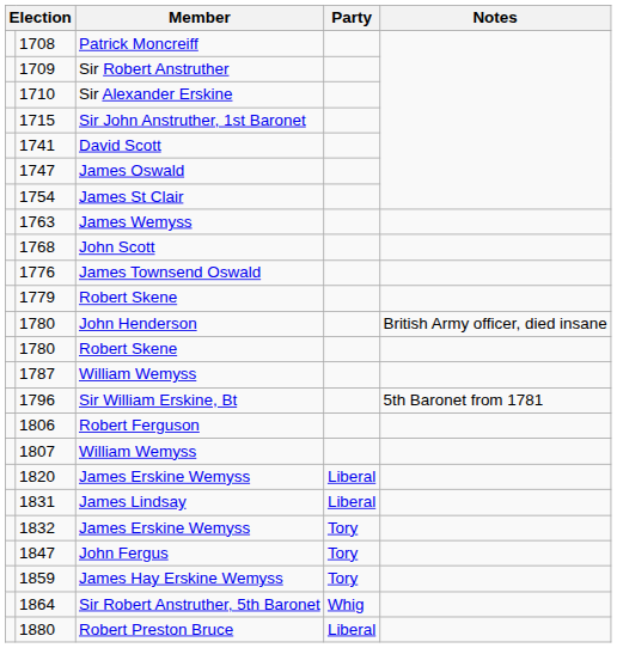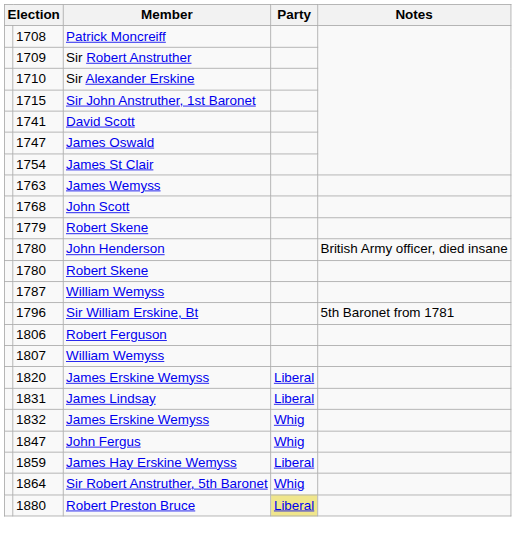 <table class="wikitable">
 <tr>
 <th colspan="2">Election</th>
 <th>Member</th>
 <th>Party</th>
 <th>Notes</th>
 </tr>
 <tr>
 <td></td>
 <td>1708</td>
 <td><a href='#'>Patrick Moncreiff</a></td>
 <td></td>
 </tr>
 <tr>
 <td></td>
 <td>1709</td>
 <td>Sir <a href='#'>Robert Anstruther</a></td>
 <td></td>
 </tr>
 <tr>
 <td></td>
 <td>1710</td>
 <td>Sir <a href='#'>Alexander Erskine</a></td>
 <td></td>
 </tr>
 <tr>
 <td></td>
 <td>1715</td>
 <td><a href='#'>Sir John Anstruther, 1st Baronet</a></td>
 <td></td>
 </tr>
 <tr>
 <td></td>
 <td>1741</td>
 <td><a href='#'>David Scott</a></td>
 <td></td>
 </tr>
 <tr>
 <td></td>
 <td>1747</td>
 <td><a href='#'>James Oswald</a></td>
 <td></td>
 </tr>
 <tr>
 <td></td>
 <td>1754</td>
 <td><a href='#'>James St Clair</a></td>
 <td></td>
 </tr>
 <tr>
 <td></td>
 <td>1763</td>
 <td><a href='#'>James Wemyss</a></td>
 <td></td>
 <td></td>
 </tr>
 <tr>
 <td></td>
 <td>1768</td>
 <td><a href='#'>John Scott</a></td>
-<td></td>
-<td></td>
-</tr>
-<tr>
-<td></td>
-<td>1776</td>
-<td><a href='#'>James Townsend Oswald</a></td>
 <td></td>
 <td></td>
 </tr>
 <tr>
 <td></td>
 <td>1779</td>
 <td><a href='#'>Robert Skene</a></td>
 <td></td>
 <td></td>
 </tr>
 <tr>
 <td></td>
 <td>1780</td>
 <td><a href='#'>John Henderson</a></td>
 <td></td>
 <td>British Army officer, died insane</td>
 </tr>
 <tr>
 <td></td>
 <td>1780</td>
 <td><a href='#'>Robert Skene</a></td>
 <td></td>
 <td></td>
 </tr>
 <tr>
 <td></td>
 <td>1787</td>
 <td><a href='#'>William Wemyss</a></td>
 <td></td>
 <td></td>
 </tr>
 <tr>
 <td></td>
 <td>1796</td>
 <td><a href='#'>Sir William Erskine, Bt</a></td>
 <td></td>
 <td>5th Baronet from 1781</td>
 </tr>
 <tr>
 <td></td>
 <td>1806</td>
 <td><a href='#'>Robert Ferguson</a></td>
 <td></td>
 <td></td>
 </tr>
 <tr>
 <td></td>
 <td>1807</td>
 <td><a href='#'>William Wemyss</a></td>
 <td></td>
 <td></td>
 </tr>
 <tr>
 <td style="color:inherit;background-color: "></td>
 <td>1820</td>
 <td><a href='#'>James Erskine Wemyss</a></td>
 <td><a href='#'>Liberal</a></td>
 <td></td>
 </tr>
 <tr>
 <td style="color:inherit;background-color: "></td>
 <td>1831</td>
 <td><a href='#'>James Lindsay</a></td>
 <td><a href='#'>Liberal</a></td>
 <td></td>
 </tr>
 <tr>
 <td style="color:inherit;background-color: "></td>
 <td>1832</td>
 <td><a href='#'>James Erskine Wemyss</a></td>
-<td><a href='#'>Tory</a></td>
+<td><a href='#'>Whig</a></td>
 <td></td>
 </tr>
 <tr>
 <td style="color:inherit;background-color: "></td>
 <td>1847</td>
 <td><a href='#'>John Fergus</a></td>
-<td><a href='#'>Tory</a></td>
+<td><a href='#'>Whig</a></td>
 <td></td>
 </tr>
 <tr>
 <td style="color:inherit;background-color: "></td>
 <td>1859</td>
 <td><a href='#'>James Hay Erskine Wemyss</a></td>
-<td><a href='#'>Tory</a></td>
+<td><a href='#'>Liberal</a></td>
 <td></td>
 </tr>
 <tr>
 <td style="color:inherit;background-color: "></td>
 <td>1864</td>
 <td><a href='#'>Sir Robert Anstruther, 5th Baronet</a></td>
 <td><a href='#'>Whig</a></td>
 <td></td>
 </tr>
 <tr>
 <td style="color:inherit;background-color: "></td>
 <td>1880</td>
 <td><a href='#'>Robert Preston Bruce</a></td>
-<td><a href='#'>Liberal</a></td>
+<td style="background: khaki;"><a href='#'>Liberal</a></td>
 <td></td>
 </tr>
 </table>
